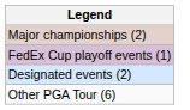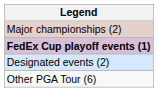 <table class="wikitable" style="font-size:95%;">
 <tr>
 <th>Legend</th>
 </tr>
 <tr style="background:#e5d1cb;">
 <td>Major championships  (2)</td>
 </tr>
 <tr style="background:thistle;">
-<td>FedEx Cup playoff events (1)</td>
+<td><strong>FedEx Cup playoff events (1)</strong></td>
 </tr>
 <tr style="background:#D6E8FF;">
 <td>Designated events (2)</td>
 </tr>
 <tr>
 <td>Other PGA Tour (6)</td>
 </tr>
 </table>
